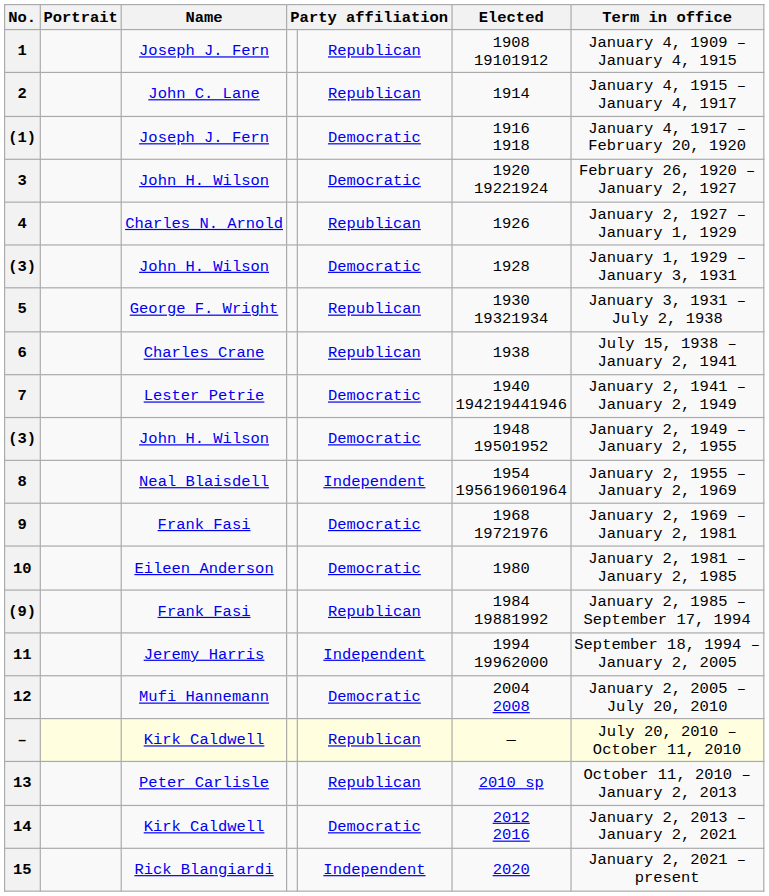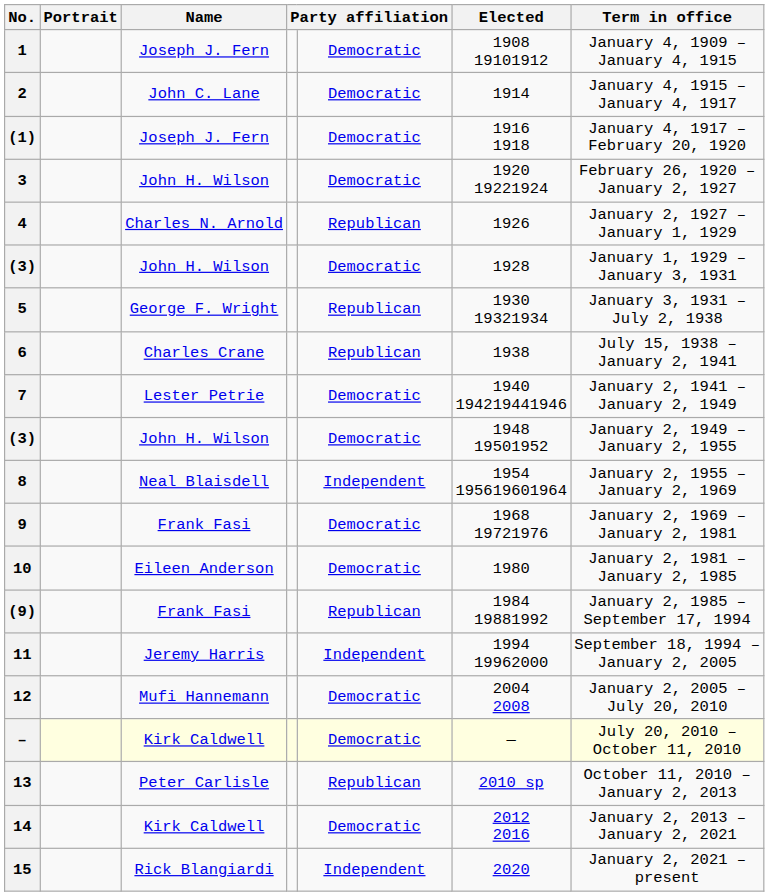 <table class="wikitable" style="text-align: center;">
 <tr>
 <th>No.</th>
 <th>Portrait</th>
 <th>Name</th>
 <th colspan="2">Party affiliation</th>
 <th>Elected</th>
 <th>Term in office</th>
 </tr>
 <tr>
 <th>1</th>
 <td></td>
 <td><a href='#'>Joseph J. Fern</a> <br> </td>
 <td style="background: "></td>
-<td><a href='#'>Republican</a></td>
+<td><a href='#'>Democratic</a></td>
 <td>1908<br>19101912</td>
 <td>January 4, 1909 – <br> January 4, 1915<br></td>
 </tr>
 <tr>
 <th>2</th>
 <td></td>
 <td><a href='#'>John C. Lane</a> <br> </td>
 <td style="background: "></td>
-<td><a href='#'>Republican</a></td>
+<td><a href='#'>Democratic</a></td>
 <td>1914</td>
 <td>January 4, 1915 – <br> January 4, 1917<br></td>
 </tr>
 <tr>
 <th>(1)</th>
 <td></td>
 <td><a href='#'>Joseph J. Fern</a> <br> </td>
 <td style="background: "></td>
 <td><a href='#'>Democratic</a></td>
 <td>1916<br>1918</td>
 <td>January 4, 1917 – <br> February 20, 1920<br></td>
 </tr>
 <tr>
 <th>3</th>
 <td></td>
 <td><a href='#'>John H. Wilson</a> <br> </td>
 <td style="background: "></td>
 <td><a href='#'>Democratic</a></td>
 <td>1920<br>19221924</td>
 <td>February 26, 1920 – <br> January 2, 1927<br></td>
 </tr>
 <tr>
 <th>4</th>
 <td></td>
 <td><a href='#'>Charles N. Arnold</a><br></td>
 <td style="background: "></td>
 <td><a href='#'>Republican</a></td>
 <td>1926</td>
 <td>January 2, 1927 – <br> January 1, 1929<br></td>
 </tr>
 <tr>
 <th>(3)</th>
 <td></td>
 <td><a href='#'>John H. Wilson</a> <br> </td>
 <td style="background: "></td>
 <td><a href='#'>Democratic</a></td>
 <td>1928</td>
 <td>January 1, 1929 – <br> January 3, 1931<br></td>
 </tr>
 <tr>
 <th>5</th>
 <td></td>
 <td><a href='#'>George F. Wright</a> <br> </td>
 <td style="background: "></td>
 <td><a href='#'>Republican</a></td>
 <td>1930<br>19321934</td>
 <td>January 3, 1931 – <br> July 2, 1938<br></td>
 </tr>
 <tr>
 <th>6</th>
 <td></td>
 <td><a href='#'>Charles Crane</a> <br> </td>
 <td style="background: "></td>
 <td><a href='#'>Republican</a></td>
 <td>1938</td>
 <td>July 15, 1938 – <br> January 2, 1941 <br> </td>
 </tr>
 <tr>
 <th>7</th>
 <td></td>
 <td><a href='#'>Lester Petrie</a> <br> </td>
 <td style="background: "></td>
 <td><a href='#'>Democratic</a></td>
 <td>1940<br>194219441946</td>
 <td>January 2, 1941 – <br> January 2, 1949<br></td>
 </tr>
 <tr>
 <th>(3)</th>
 <td></td>
 <td><a href='#'>John H. Wilson</a> <br> </td>
 <td style="background: "></td>
 <td><a href='#'>Democratic</a></td>
 <td>1948<br>19501952</td>
 <td>January 2, 1949 – <br> January 2, 1955<br></td>
 </tr>
 <tr>
 <th>8</th>
 <td></td>
 <td><a href='#'>Neal Blaisdell</a> <br> </td>
 <td style="background: "></td>
 <td><a href='#'>Independent</a></td>
 <td>1954<br>195619601964</td>
 <td>January 2, 1955 – <br> January 2, 1969<br></td>
 </tr>
 <tr>
 <th>9</th>
 <td></td>
 <td><a href='#'>Frank Fasi</a> <br> </td>
 <td style="background: "></td>
 <td><a href='#'>Democratic</a></td>
 <td>1968<br>19721976</td>
 <td>January 2, 1969 – <br> January 2, 1981<br></td>
 </tr>
 <tr>
 <th>10</th>
 <td></td>
 <td><a href='#'>Eileen Anderson</a> <br> </td>
 <td style="background: "></td>
 <td><a href='#'>Democratic</a></td>
 <td>1980</td>
 <td>January 2, 1981 – <br> January 2, 1985<br></td>
 </tr>
 <tr>
 <th>(9)</th>
 <td></td>
 <td><a href='#'>Frank Fasi</a> <br> </td>
 <td style="background: "></td>
 <td><a href='#'>Republican</a></td>
 <td>1984<br>19881992</td>
 <td>January 2, 1985 – <br> September 17, 1994<br></td>
 </tr>
 <tr>
 <th>11</th>
 <td></td>
 <td><a href='#'>Jeremy Harris</a> <br> </td>
 <td style="background: "></td>
 <td><a href='#'>Independent</a></td>
 <td>1994<br>19962000</td>
 <td>September 18, 1994 – <br> January 2, 2005<br></td>
 </tr>
 <tr>
 <th>12</th>
 <td></td>
 <td><a href='#'>Mufi Hannemann</a> <br> </td>
 <td style="background: "></td>
 <td><a href='#'>Democratic</a></td>
 <td>2004<br><a href='#'>2008</a></td>
 <td>January 2, 2005 – <br> July 20, 2010<br></td>
 </tr>
 <tr style="background:lightyellow">
 <th>–</th>
 <td></td>
 <td><a href='#'>Kirk Caldwell</a><br></td>
 <td style="background: "></td>
-<td><a href='#'>Republican</a></td>
+<td><a href='#'>Democratic</a></td>
 <td>—</td>
 <td>July 20, 2010 – <br> October 11, 2010<br></td>
 </tr>
 <tr>
 <th>13</th>
 <td></td>
 <td><a href='#'>Peter Carlisle</a> <br> </td>
 <td style="background: "></td>
 <td><a href='#'>Republican</a></td>
 <td><a href='#'>2010 sp</a></td>
 <td>October 11, 2010 – <br> January 2, 2013<br></td>
 </tr>
 <tr>
 <th>14</th>
 <td></td>
 <td><a href='#'>Kirk Caldwell</a><br></td>
 <td style="background: "></td>
 <td><a href='#'>Democratic</a></td>
 <td><a href='#'>2012</a><br><a href='#'>2016</a></td>
 <td>January 2, 2013 – <br> January 2, 2021 <br></td>
 </tr>
 <tr>
 <th>15</th>
 <td></td>
 <td><a href='#'>Rick Blangiardi</a><br></td>
 <td style="background: "></td>
 <td><a href='#'>Independent</a></td>
 <td><a href='#'>2020</a></td>
 <td>January 2, 2021 – <br> present<br></td>
 </tr>
 </table>
